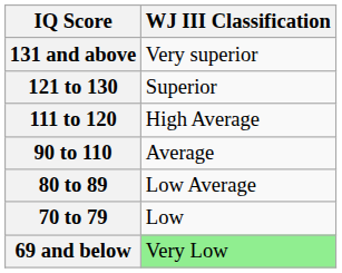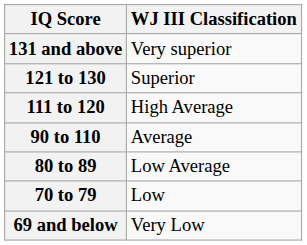 <table class="wikitable">
 <tr>
 <th>IQ Score</th>
 <th>WJ III Classification</th>
 </tr>
 <tr>
 <th>131 and above</th>
 <td>Very superior</td>
 </tr>
 <tr>
 <th>121 to 130</th>
 <td>Superior</td>
 </tr>
 <tr>
 <th>111 to 120</th>
 <td>High Average</td>
 </tr>
 <tr>
 <th>90 to 110</th>
 <td>Average</td>
 </tr>
 <tr>
 <th>80 to 89</th>
 <td>Low Average</td>
 </tr>
 <tr>
 <th>70 to 79</th>
 <td>Low</td>
 </tr>
 <tr>
 <th>69 and below</th>
-<td style="background: lightgreen;">Very Low</td>
+<td>Very Low</td>
 </tr>
 </table>
